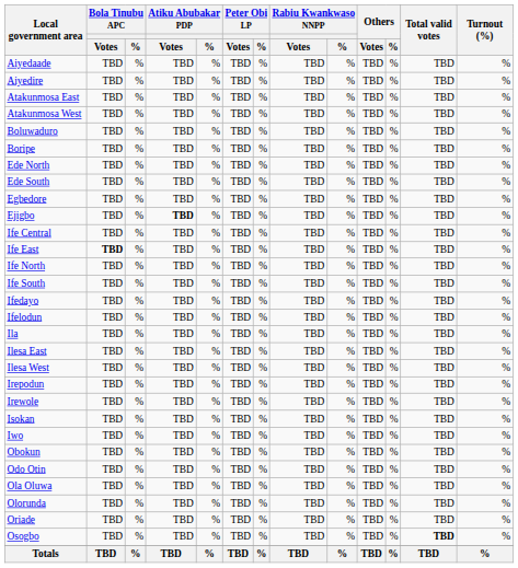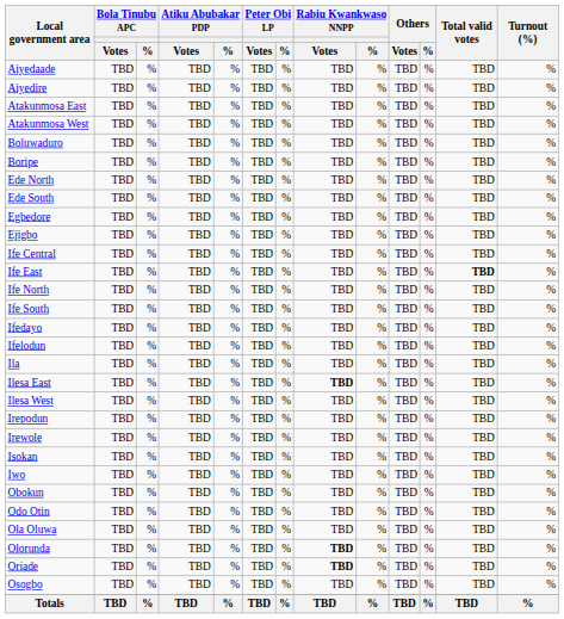 <table class="wikitable sortable" style="text-align:right; font-size:90%">
 <tr>
 <th rowspan="3" style="max-width:7.5em;">Local government area</th>
 <th colspan="2"><a href='#'>Bola Tinubu</a><br><small>APC</small></th>
 <th colspan="2"><a href='#'>Atiku Abubakar</a><br><small>PDP</small></th>
 <th colspan="2"><a href='#'>Peter Obi</a><br><small>LP</small></th>
 <th colspan="2"><a href='#'>Rabiu Kwankwaso</a><br><small>NNPP</small></th>
 <th colspan="2" rowspan="2">Others</th>
 <th rowspan="3" style="max-width:5em;">Total valid votes</th>
 <th rowspan="3" style="max-width:5em;">Turnout (%)</th>
 </tr>
 <tr>
 <th colspan=2 style="background-color:"></th>
 <th colspan=2 style="background-color:"></th>
 <th colspan=2 style="background-color:"></th>
 <th colspan=2 style="background-color:"></th>
 </tr>
 <tr>
 <th>Votes</th>
 <th>%</th>
 <th>Votes</th>
 <th>%</th>
 <th>Votes</th>
 <th>%</th>
 <th>Votes</th>
 <th>%</th>
 <th>Votes</th>
 <th>%</th>
 </tr>
 <tr style="background-color:#">
 <td style="text-align:left;"><a href='#'>Aiyedaade</a></td>
 <td>TBD</td>
 <td>%</td>
 <td>TBD</td>
 <td>%</td>
 <td>TBD</td>
 <td>%</td>
 <td>TBD</td>
 <td>%</td>
 <td>TBD</td>
 <td>%</td>
 <td>TBD</td>
 <td>%</td>
 </tr>
 <tr style="background-color:#">
 <td style="text-align:left;"><a href='#'>Aiyedire</a></td>
 <td>TBD</td>
 <td>%</td>
 <td>TBD</td>
 <td>%</td>
 <td>TBD</td>
 <td>%</td>
 <td>TBD</td>
 <td>%</td>
 <td>TBD</td>
 <td>%</td>
 <td>TBD</td>
 <td>%</td>
 </tr>
 <tr style="background-color:#">
 <td style="text-align:left;"><a href='#'>Atakunmosa East</a></td>
 <td>TBD</td>
 <td>%</td>
 <td>TBD</td>
 <td>%</td>
 <td>TBD</td>
 <td>%</td>
 <td>TBD</td>
 <td>%</td>
 <td>TBD</td>
 <td>%</td>
 <td>TBD</td>
 <td>%</td>
 </tr>
 <tr style="background-color:#">
 <td style="text-align:left;"><a href='#'>Atakunmosa West</a></td>
 <td>TBD</td>
 <td>%</td>
 <td>TBD</td>
 <td>%</td>
 <td>TBD</td>
 <td>%</td>
 <td>TBD</td>
 <td>%</td>
 <td>TBD</td>
 <td>%</td>
 <td>TBD</td>
 <td>%</td>
 </tr>
 <tr style="background-color:#">
 <td style="text-align:left;"><a href='#'>Boluwaduro</a></td>
 <td>TBD</td>
 <td>%</td>
 <td>TBD</td>
 <td>%</td>
 <td>TBD</td>
 <td>%</td>
 <td>TBD</td>
 <td>%</td>
 <td>TBD</td>
 <td>%</td>
 <td>TBD</td>
 <td>%</td>
 </tr>
 <tr style="background-color:#">
 <td style="text-align:left;"><a href='#'>Boripe</a></td>
 <td>TBD</td>
 <td>%</td>
 <td>TBD</td>
 <td>%</td>
 <td>TBD</td>
 <td>%</td>
 <td>TBD</td>
 <td>%</td>
 <td>TBD</td>
 <td>%</td>
 <td>TBD</td>
 <td>%</td>
 </tr>
 <tr style="background-color:#">
 <td style="text-align:left;"><a href='#'>Ede North</a></td>
 <td>TBD</td>
 <td>%</td>
 <td>TBD</td>
 <td>%</td>
 <td>TBD</td>
 <td>%</td>
 <td>TBD</td>
 <td>%</td>
 <td>TBD</td>
 <td>%</td>
 <td>TBD</td>
 <td>%</td>
 </tr>
 <tr style="background-color:#">
 <td style="text-align:left;"><a href='#'>Ede South</a></td>
 <td>TBD</td>
 <td>%</td>
 <td>TBD</td>
 <td>%</td>
 <td>TBD</td>
 <td>%</td>
 <td>TBD</td>
 <td>%</td>
 <td>TBD</td>
 <td>%</td>
 <td>TBD</td>
 <td>%</td>
 </tr>
 <tr style="background-color:#">
 <td style="text-align:left;"><a href='#'>Egbedore</a></td>
 <td>TBD</td>
 <td>%</td>
 <td>TBD</td>
 <td>%</td>
 <td>TBD</td>
 <td>%</td>
 <td>TBD</td>
 <td>%</td>
 <td>TBD</td>
 <td>%</td>
 <td>TBD</td>
 <td>%</td>
 </tr>
 <tr style="background-color:#">
 <td style="text-align:left;"><a href='#'>Ejigbo</a></td>
 <td>TBD</td>
 <td>%</td>
-<td><strong>TBD</strong></td>
+<td>TBD</td>
 <td>%</td>
 <td>TBD</td>
 <td>%</td>
 <td>TBD</td>
 <td>%</td>
 <td>TBD</td>
 <td>%</td>
 <td>TBD</td>
 <td>%</td>
 </tr>
 <tr style="background-color:#">
 <td style="text-align:left;"><a href='#'>Ife Central</a></td>
 <td>TBD</td>
 <td>%</td>
 <td>TBD</td>
 <td>%</td>
 <td>TBD</td>
 <td>%</td>
 <td>TBD</td>
 <td>%</td>
 <td>TBD</td>
 <td>%</td>
 <td>TBD</td>
 <td>%</td>
 </tr>
 <tr style="background-color:#">
 <td style="text-align:left;"><a href='#'>Ife East</a></td>
-<td><strong>TBD</strong></td>
+<td>TBD</td>
 <td>%</td>
 <td>TBD</td>
 <td>%</td>
 <td>TBD</td>
 <td>%</td>
 <td>TBD</td>
 <td>%</td>
 <td>TBD</td>
 <td>%</td>
-<td>TBD</td>
+<td><strong>TBD</strong></td>
 <td>%</td>
 </tr>
 <tr style="background-color:#">
 <td style="text-align:left;"><a href='#'>Ife North</a></td>
 <td>TBD</td>
 <td>%</td>
 <td>TBD</td>
 <td>%</td>
 <td>TBD</td>
 <td>%</td>
 <td>TBD</td>
 <td>%</td>
 <td>TBD</td>
 <td>%</td>
 <td>TBD</td>
 <td>%</td>
 </tr>
 <tr style="background-color:#">
 <td style="text-align:left;"><a href='#'>Ife South</a></td>
 <td>TBD</td>
 <td>%</td>
 <td>TBD</td>
 <td>%</td>
 <td>TBD</td>
 <td>%</td>
 <td>TBD</td>
 <td>%</td>
 <td>TBD</td>
 <td>%</td>
 <td>TBD</td>
 <td>%</td>
 </tr>
 <tr style="background-color:#">
 <td style="text-align:left;"><a href='#'>Ifedayo</a></td>
 <td>TBD</td>
 <td>%</td>
 <td>TBD</td>
 <td>%</td>
 <td>TBD</td>
 <td>%</td>
 <td>TBD</td>
 <td>%</td>
 <td>TBD</td>
 <td>%</td>
 <td>TBD</td>
 <td>%</td>
 </tr>
 <tr style="background-color:#">
 <td style="text-align:left;"><a href='#'>Ifelodun</a></td>
 <td>TBD</td>
 <td>%</td>
 <td>TBD</td>
 <td>%</td>
 <td>TBD</td>
 <td>%</td>
 <td>TBD</td>
 <td>%</td>
 <td>TBD</td>
 <td>%</td>
 <td>TBD</td>
 <td>%</td>
 </tr>
 <tr style="background-color:#">
 <td style="text-align:left;"><a href='#'>Ila</a></td>
 <td>TBD</td>
 <td>%</td>
 <td>TBD</td>
 <td>%</td>
 <td>TBD</td>
 <td>%</td>
 <td>TBD</td>
 <td>%</td>
 <td>TBD</td>
 <td>%</td>
 <td>TBD</td>
 <td>%</td>
 </tr>
 <tr style="background-color:#">
 <td style="text-align:left;"><a href='#'>Ilesa East</a></td>
 <td>TBD</td>
 <td>%</td>
 <td>TBD</td>
 <td>%</td>
 <td>TBD</td>
 <td>%</td>
-<td>TBD</td>
+<td><strong>TBD</strong></td>
 <td>%</td>
 <td>TBD</td>
 <td>%</td>
 <td>TBD</td>
 <td>%</td>
 </tr>
 <tr style="background-color:#">
 <td style="text-align:left;"><a href='#'>Ilesa West</a></td>
 <td>TBD</td>
 <td>%</td>
 <td>TBD</td>
 <td>%</td>
 <td>TBD</td>
 <td>%</td>
 <td>TBD</td>
 <td>%</td>
 <td>TBD</td>
 <td>%</td>
 <td>TBD</td>
 <td>%</td>
 </tr>
 <tr style="background-color:#">
 <td style="text-align:left;"><a href='#'>Irepodun</a></td>
 <td>TBD</td>
 <td>%</td>
 <td>TBD</td>
 <td>%</td>
 <td>TBD</td>
 <td>%</td>
 <td>TBD</td>
 <td>%</td>
 <td>TBD</td>
 <td>%</td>
 <td>TBD</td>
 <td>%</td>
 </tr>
 <tr style="background-color:#">
 <td style="text-align:left;"><a href='#'>Irewole</a></td>
 <td>TBD</td>
 <td>%</td>
 <td>TBD</td>
 <td>%</td>
 <td>TBD</td>
 <td>%</td>
 <td>TBD</td>
 <td>%</td>
 <td>TBD</td>
 <td>%</td>
 <td>TBD</td>
 <td>%</td>
 </tr>
 <tr style="background-color:#">
 <td style="text-align:left;"><a href='#'>Isokan</a></td>
 <td>TBD</td>
 <td>%</td>
 <td>TBD</td>
 <td>%</td>
 <td>TBD</td>
 <td>%</td>
 <td>TBD</td>
 <td>%</td>
 <td>TBD</td>
 <td>%</td>
 <td>TBD</td>
 <td>%</td>
 </tr>
 <tr style="background-color:#">
 <td style="text-align:left;"><a href='#'>Iwo</a></td>
 <td>TBD</td>
 <td>%</td>
 <td>TBD</td>
 <td>%</td>
 <td>TBD</td>
 <td>%</td>
 <td>TBD</td>
 <td>%</td>
 <td>TBD</td>
 <td>%</td>
 <td>TBD</td>
 <td>%</td>
 </tr>
 <tr style="background-color:#">
 <td style="text-align:left;"><a href='#'>Obokun</a></td>
 <td>TBD</td>
 <td>%</td>
 <td>TBD</td>
 <td>%</td>
 <td>TBD</td>
 <td>%</td>
 <td>TBD</td>
 <td>%</td>
 <td>TBD</td>
 <td>%</td>
 <td>TBD</td>
 <td>%</td>
 </tr>
 <tr style="background-color:#">
 <td style="text-align:left;"><a href='#'>Odo Otin</a></td>
 <td>TBD</td>
 <td>%</td>
 <td>TBD</td>
 <td>%</td>
 <td>TBD</td>
 <td>%</td>
 <td>TBD</td>
 <td>%</td>
 <td>TBD</td>
 <td>%</td>
 <td>TBD</td>
 <td>%</td>
 </tr>
 <tr style="background-color:#">
 <td style="text-align:left;"><a href='#'>Ola Oluwa</a></td>
 <td>TBD</td>
 <td>%</td>
 <td>TBD</td>
 <td>%</td>
 <td>TBD</td>
 <td>%</td>
 <td>TBD</td>
 <td>%</td>
 <td>TBD</td>
 <td>%</td>
 <td>TBD</td>
 <td>%</td>
 </tr>
 <tr style="background-color:#">
 <td style="text-align:left;"><a href='#'>Olorunda</a></td>
 <td>TBD</td>
 <td>%</td>
 <td>TBD</td>
 <td>%</td>
 <td>TBD</td>
 <td>%</td>
-<td>TBD</td>
+<td><strong>TBD</strong></td>
 <td>%</td>
 <td>TBD</td>
 <td>%</td>
 <td>TBD</td>
 <td>%</td>
 </tr>
 <tr style="background-color:#">
 <td style="text-align:left;"><a href='#'>Oriade</a></td>
 <td>TBD</td>
 <td>%</td>
 <td>TBD</td>
 <td>%</td>
 <td>TBD</td>
 <td>%</td>
-<td>TBD</td>
+<td><strong>TBD</strong></td>
 <td>%</td>
 <td>TBD</td>
 <td>%</td>
 <td>TBD</td>
 <td>%</td>
 </tr>
 <tr style="background-color:#">
 <td style="text-align:left;"><a href='#'>Osogbo</a></td>
 <td>TBD</td>
 <td>%</td>
 <td>TBD</td>
 <td>%</td>
 <td>TBD</td>
 <td>%</td>
 <td>TBD</td>
 <td>%</td>
 <td>TBD</td>
 <td>%</td>
-<td><strong>TBD</strong></td>
+<td>TBD</td>
 <td>%</td>
 </tr>
 <tr>
 </tr>
 <tr>
 <th>Totals</th>
 <th>TBD</th>
 <th>%</th>
 <th>TBD</th>
 <th>%</th>
 <th>TBD</th>
 <th>%</th>
 <th>TBD</th>
 <th>%</th>
 <th>TBD</th>
 <th>%</th>
 <th>TBD</th>
 <th>%</th>
 </tr>
 </table>
